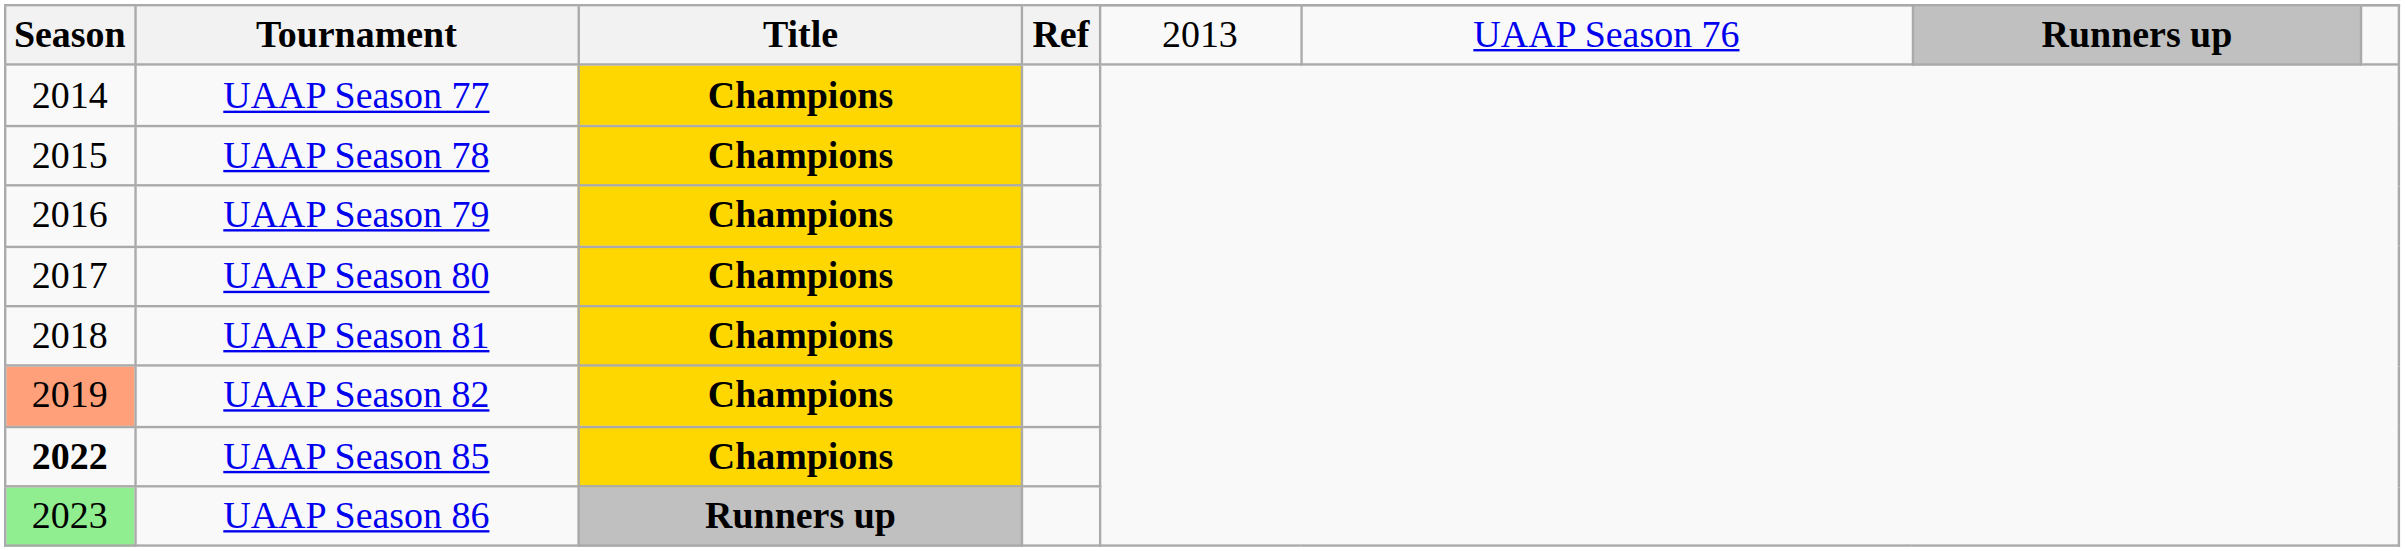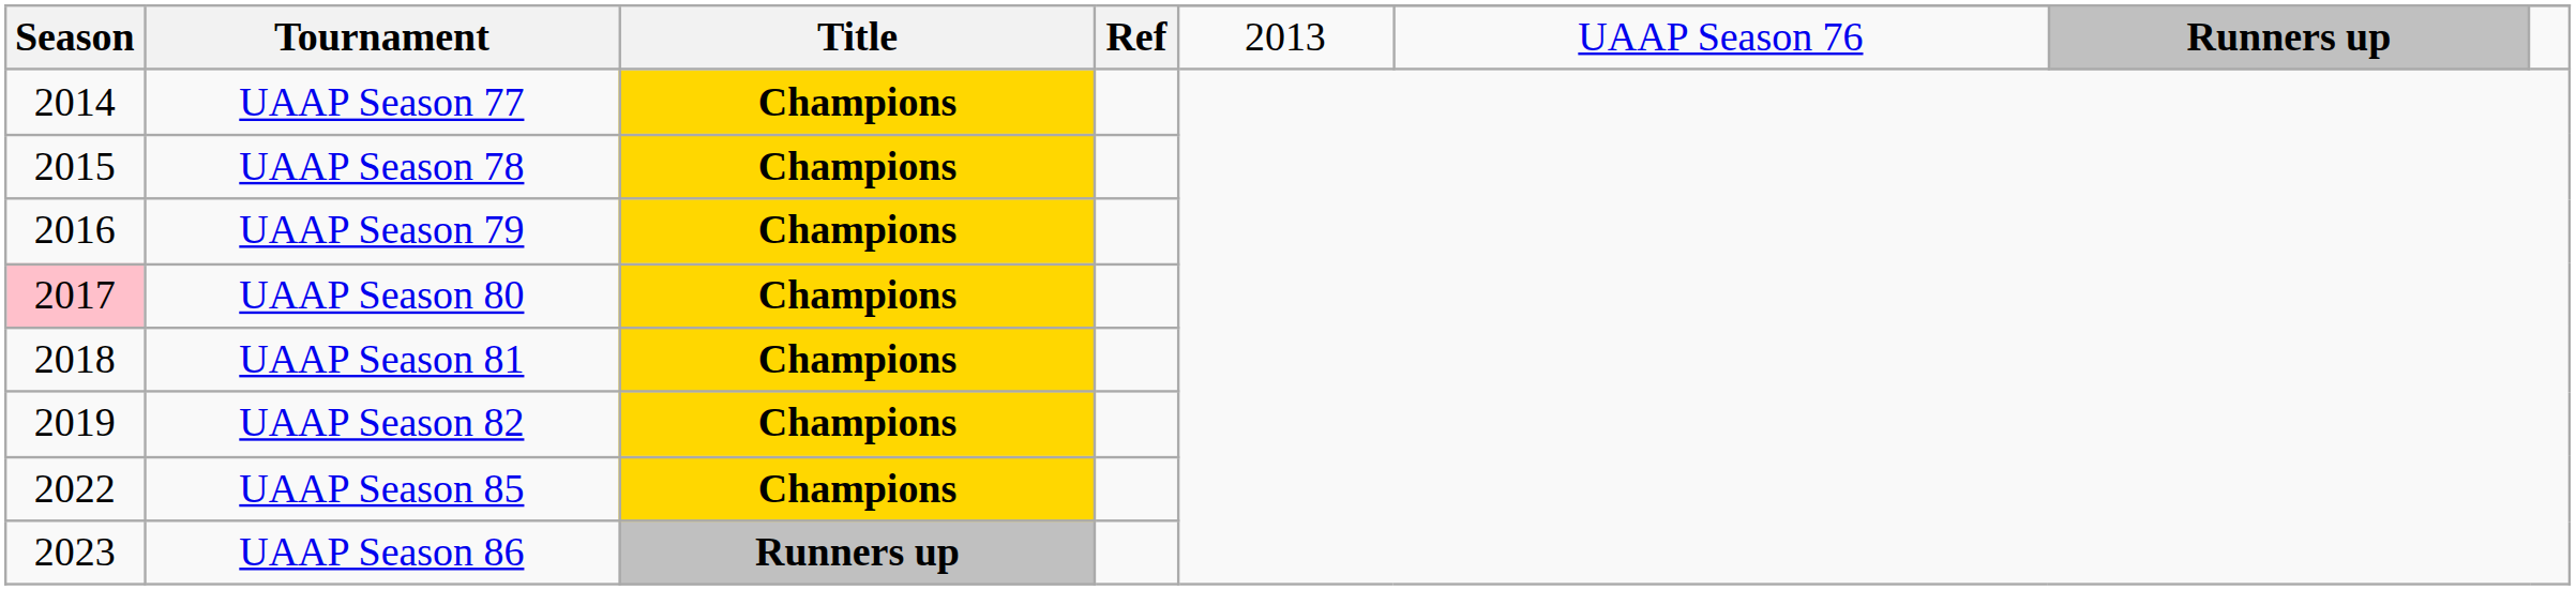 <table class="wikitable sortable" style="text-align:center" width="80%">
 <tr>
 <th style="width:25px;" rowspan="2">Season</th>
 <th style="width:180px;" rowspan="2">Tournament</th>
 <th style="width:180px;" rowspan="2">Title</th>
 <th style="width:25px;" rowspan="2">Ref</th>
 </tr>
 <tr align=center>
 <td>2013</td>
 <td><a href='#'>UAAP Season 76</a></td>
 <td style="background:silver;"><strong>Runners up</strong></td>
 <td></td>
 </tr>
 <tr align=center>
 <td>2014</td>
 <td><a href='#'>UAAP Season 77</a></td>
 <td style="background:gold;"><strong>Champions</strong></td>
 <td></td>
 </tr>
 <tr align=center>
 <td>2015</td>
 <td><a href='#'>UAAP Season 78</a></td>
 <td style="background:gold;"><strong>Champions</strong></td>
 <td></td>
 </tr>
 <tr align=center>
 <td>2016</td>
 <td><a href='#'>UAAP Season 79</a></td>
 <td style="background:gold;"><strong>Champions</strong></td>
 <td></td>
 </tr>
 <tr align=center>
-<td>2017</td>
+<td style="background: pink;">2017</td>
 <td><a href='#'>UAAP Season 80</a></td>
 <td style="background:gold;"><strong>Champions</strong></td>
 <td></td>
 </tr>
 <tr align=center>
 <td>2018</td>
 <td><a href='#'>UAAP Season 81</a></td>
 <td style="background:gold;"><strong>Champions</strong></td>
 <td></td>
 </tr>
 <tr align=center>
-<td style="background: lightsalmon;">2019</td>
+<td>2019</td>
 <td><a href='#'>UAAP Season 82</a></td>
 <td style="background:gold;"><strong>Champions</strong></td>
 <td></td>
 </tr>
 <tr align=center>
-<td><strong>2022</strong></td>
+<td>2022</td>
 <td><a href='#'>UAAP Season 85</a></td>
 <td style="background:gold;"><strong>Champions</strong></td>
 <td></td>
 </tr>
 <tr align=center>
-<td style="background: lightgreen;">2023</td>
+<td>2023</td>
 <td><a href='#'>UAAP Season 86</a></td>
 <td style="background:silver;"><strong>Runners up</strong></td>
 <td></td>
 </tr>
 </table>
